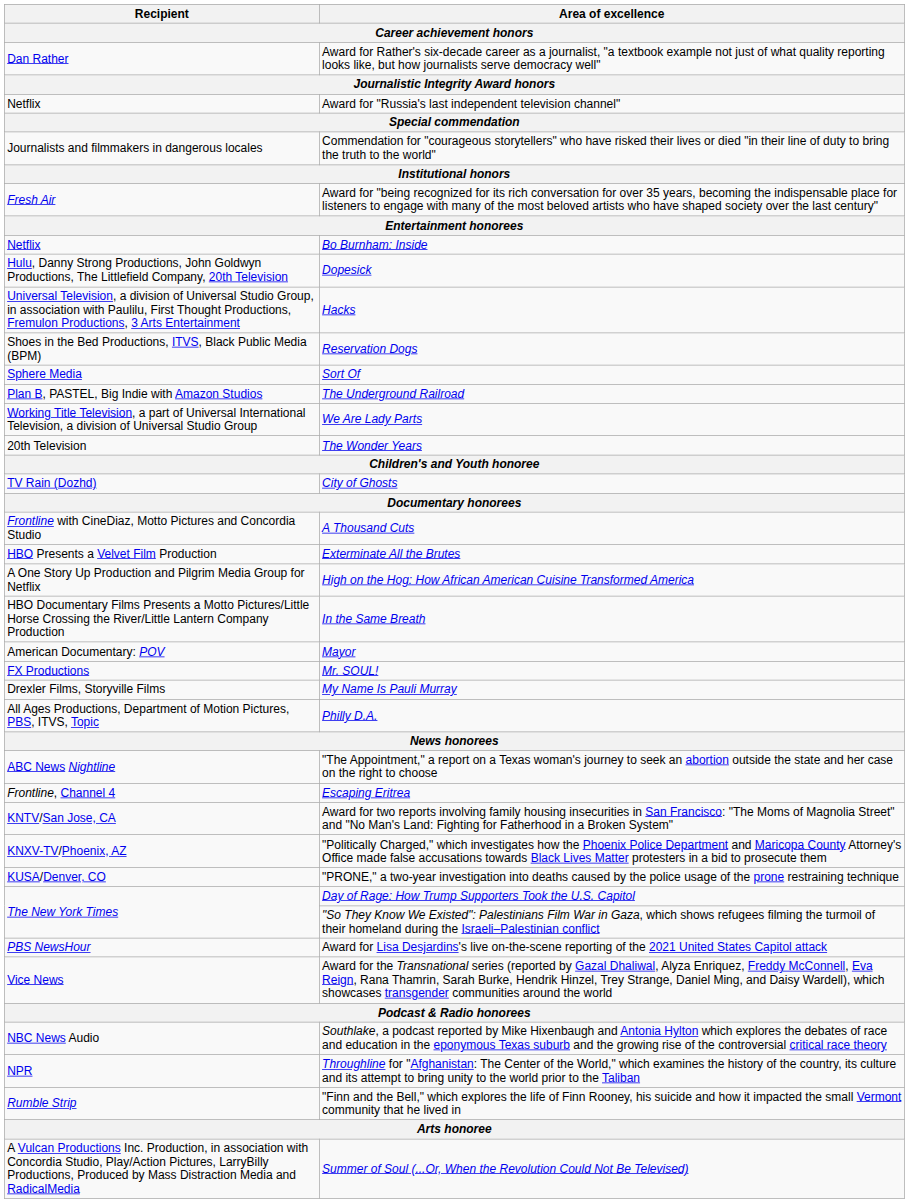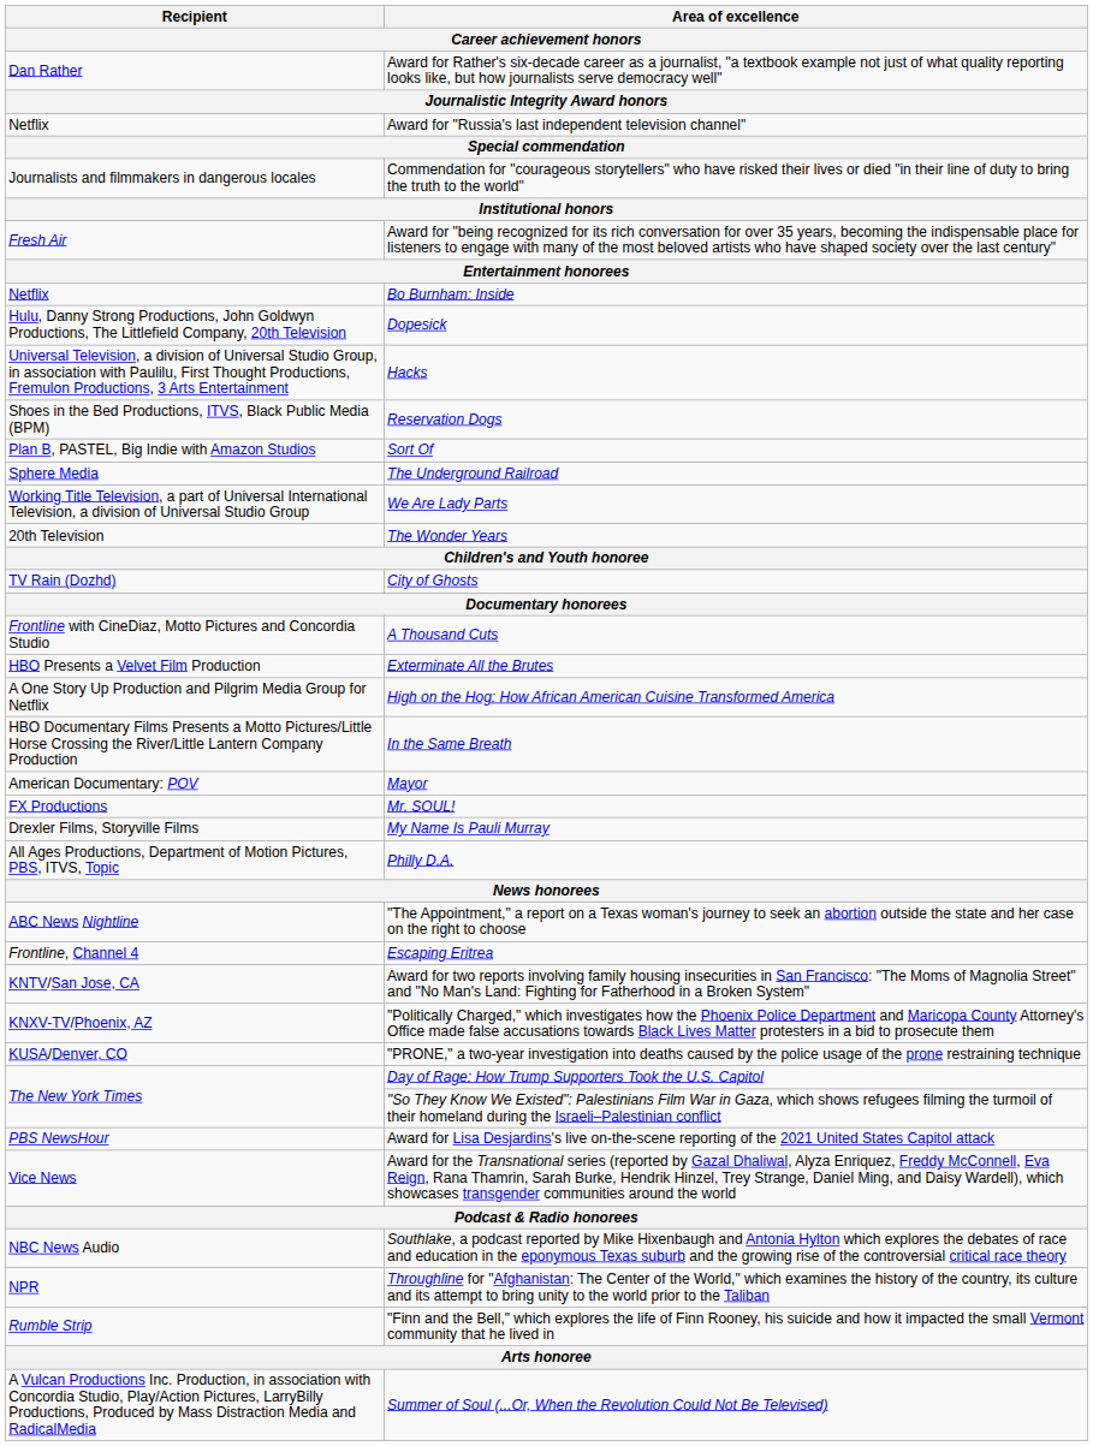 <table class="wikitable" style="width:95%">
 <tr style="background:#ccc;">
 <th style="width:35%;">Recipient</th>
 <th style="width:65%;">Area of excellence</th>
 </tr>
 <tr>
 <th colspan="2"><em>Career achievement honors</em></th>
 </tr>
 <tr>
 <td><a href='#'>Dan Rather</a></td>
 <td>Award for Rather's six-decade career as a journalist, "a textbook example not just of what quality reporting looks like, but how journalists serve democracy well"</td>
 </tr>
 <tr>
 <th colspan="2"><em>Journalistic Integrity Award honors</em></th>
 </tr>
 <tr>
 <td>Netflix</td>
 <td>Award for "Russia's last independent television channel"</td>
 </tr>
 <tr>
 <th colspan="2"><em>Special commendation</em></th>
 </tr>
 <tr>
 <td>Journalists and filmmakers in dangerous locales</td>
 <td>Commendation for "courageous storytellers" who have risked their lives or died "in their line of duty to bring the truth to the world"</td>
 </tr>
 <tr>
 <th colspan="2"><em>Institutional honors</em></th>
 </tr>
 <tr>
 <td><em><a href='#'>Fresh Air</a></em></td>
 <td>Award for "being recognized for its rich conversation for over 35 years, becoming the indispensable place for listeners to engage with many of the most beloved artists who have shaped society over the last century"</td>
 </tr>
 <tr>
 <th colspan="3"><em>Entertainment honorees</em></th>
 </tr>
 <tr>
 <td><a href='#'>Netflix</a></td>
 <td><em><a href='#'>Bo Burnham: Inside</a></em></td>
 </tr>
 <tr>
 <td><a href='#'>Hulu</a>, Danny Strong Productions, John Goldwyn Productions, The Littlefield Company, <a href='#'>20th Television</a></td>
 <td><em><a href='#'>Dopesick</a></em></td>
 </tr>
 <tr>
 <td><a href='#'>Universal Television</a>, a division of Universal Studio Group, in association with Paulilu, First Thought Productions, <a href='#'>Fremulon Productions</a>, <a href='#'>3 Arts Entertainment</a></td>
 <td><em><a href='#'>Hacks</a></em></td>
 </tr>
 <tr>
 <td>Shoes in the Bed Productions, <a href='#'>ITVS</a>, Black Public Media (BPM)</td>
 <td><em><a href='#'>Reservation Dogs</a></em></td>
 </tr>
 <tr>
-<td><a href='#'>Sphere Media</a></td>
+<td><a href='#'>Plan B</a>, PASTEL, Big Indie with <a href='#'>Amazon Studios</a></td>
 <td><em><a href='#'>Sort Of</a></em></td>
 </tr>
 <tr>
-<td><a href='#'>Plan B</a>, PASTEL, Big Indie with <a href='#'>Amazon Studios</a></td>
+<td><a href='#'>Sphere Media</a></td>
 <td><em><a href='#'>The Underground Railroad</a></em></td>
 </tr>
 <tr>
 <td><a href='#'>Working Title Television</a>, a part of Universal International Television, a division of Universal Studio Group</td>
 <td><em><a href='#'>We Are Lady Parts</a></em></td>
 </tr>
 <tr>
 <td>20th Television</td>
 <td><em><a href='#'>The Wonder Years</a></em></td>
 </tr>
 <tr>
 <th colspan="2"><em>Children's and Youth honoree</em></th>
 </tr>
 <tr>
 <td><a href='#'>TV Rain (Dozhd)</a></td>
 <td><em><a href='#'>City of Ghosts</a></em></td>
 </tr>
 <tr>
 <th colspan="2"><em>Documentary honorees</em></th>
 </tr>
 <tr>
 <td><em><a href='#'>Frontline</a></em> with CineDiaz, Motto Pictures and Concordia Studio</td>
 <td><em><a href='#'>A Thousand Cuts</a></em></td>
 </tr>
 <tr>
 <td><a href='#'>HBO</a> Presents a <a href='#'>Velvet Film</a> Production</td>
 <td><em><a href='#'>Exterminate All the Brutes</a></em></td>
 </tr>
 <tr>
 <td>A One Story Up Production and Pilgrim Media Group for Netflix</td>
 <td><em><a href='#'>High on the Hog: How African American Cuisine Transformed America</a></em></td>
 </tr>
 <tr>
 <td>HBO Documentary Films Presents a Motto Pictures/Little Horse Crossing the River/Little Lantern Company Production</td>
 <td><em><a href='#'>In the Same Breath</a></em></td>
 </tr>
 <tr>
 <td>American Documentary: <em><a href='#'>POV</a></em></td>
 <td><em><a href='#'>Mayor</a></em></td>
 </tr>
 <tr>
 <td><a href='#'>FX Productions</a></td>
 <td><em><a href='#'>Mr. SOUL!</a></em></td>
 </tr>
 <tr>
 <td>Drexler Films, Storyville Films</td>
 <td><em><a href='#'>My Name Is Pauli Murray</a></em></td>
 </tr>
 <tr>
 <td>All Ages Productions, Department of Motion Pictures, <a href='#'>PBS</a>, ITVS, <a href='#'>Topic</a></td>
 <td><em><a href='#'>Philly D.A.</a></em></td>
 </tr>
 <tr>
 <th colspan="2"><em>News honorees</em></th>
 </tr>
 <tr>
 <td><a href='#'>ABC News</a> <em><a href='#'>Nightline</a></em></td>
 <td>"The Appointment," a report on a Texas woman's journey to seek an <a href='#'>abortion</a> outside the state and her case on the right to choose</td>
 </tr>
 <tr>
 <td><em>Frontline</em>, <a href='#'>Channel 4</a></td>
 <td><em><a href='#'>Escaping Eritrea</a></em></td>
 </tr>
 <tr>
 <td><a href='#'>KNTV</a>/<a href='#'>San Jose, CA</a></td>
 <td>Award for two reports involving family housing insecurities in <a href='#'>San Francisco</a>: "The Moms of Magnolia Street" and "No Man's Land: Fighting for Fatherhood in a Broken System"</td>
 </tr>
 <tr>
 <td><a href='#'>KNXV-TV</a>/<a href='#'>Phoenix, AZ</a></td>
 <td>"Politically Charged," which investigates how the <a href='#'>Phoenix Police Department</a> and <a href='#'>Maricopa County</a> Attorney's Office made false accusations towards <a href='#'>Black Lives Matter</a> protesters in a bid to prosecute them</td>
 </tr>
 <tr>
 <td><a href='#'>KUSA</a>/<a href='#'>Denver, CO</a></td>
 <td>"PRONE," a two-year investigation into deaths caused by the police usage of the <a href='#'>prone</a> restraining technique</td>
 </tr>
 <tr>
 <td rowspan="2"><em><a href='#'>The New York Times</a></em></td>
 <td><em><a href='#'>Day of Rage: How Trump Supporters Took the U.S. Capitol</a></em></td>
 </tr>
 <tr>
 <td><em>"So They Know We Existed": Palestinians Film War in Gaza</em>, which shows refugees filming the turmoil of their homeland during the <a href='#'>Israeli–Palestinian conflict</a></td>
 </tr>
 <tr>
 <td><em><a href='#'>PBS NewsHour</a></em></td>
 <td>Award for <a href='#'>Lisa Desjardins</a>'s live on-the-scene reporting of the <a href='#'>2021 United States Capitol attack</a></td>
 </tr>
 <tr>
 <td><a href='#'>Vice News</a></td>
 <td>Award for the <em>Transnational</em> series (reported by <a href='#'>Gazal Dhaliwal</a>, Alyza Enriquez, <a href='#'>Freddy McConnell</a>, <a href='#'>Eva Reign</a>, Rana Thamrin, Sarah Burke, Hendrik Hinzel, Trey Strange, Daniel Ming, and Daisy Wardell), which showcases <a href='#'>transgender</a> communities around the world</td>
 </tr>
 <tr>
 <th colspan="2"><em>Podcast & Radio honorees</em></th>
 </tr>
 <tr>
 <td><a href='#'>NBC News</a> Audio</td>
 <td><em>Southlake</em>, a podcast reported by Mike Hixenbaugh and <a href='#'>Antonia Hylton</a> which explores the debates of race and education in the <a href='#'>eponymous Texas suburb</a> and the growing rise of the controversial <a href='#'>critical race theory</a></td>
 </tr>
 <tr>
 <td><a href='#'>NPR</a></td>
 <td><em><a href='#'>Throughline</a></em> for "<a href='#'>Afghanistan</a>: The Center of the World," which examines the history of the country, its culture and its attempt to bring unity to the world prior to the <a href='#'>Taliban</a></td>
 </tr>
 <tr>
 <td><em><a href='#'>Rumble Strip</a></em></td>
 <td>"Finn and the Bell," which explores the life of Finn Rooney, his suicide and how it impacted the small <a href='#'>Vermont</a> community that he lived in</td>
 </tr>
 <tr>
 <th colspan="2"><em>Arts honoree</em></th>
 </tr>
 <tr>
 <td>A <a href='#'>Vulcan Productions</a> Inc. Production, in association with Concordia Studio, Play/Action Pictures, LarryBilly Productions, Produced by Mass Distraction Media and <a href='#'>RadicalMedia</a></td>
 <td><em><a href='#'>Summer of Soul (...Or, When the Revolution Could Not Be Televised)</a></em></td>
 </tr>
 </table>
